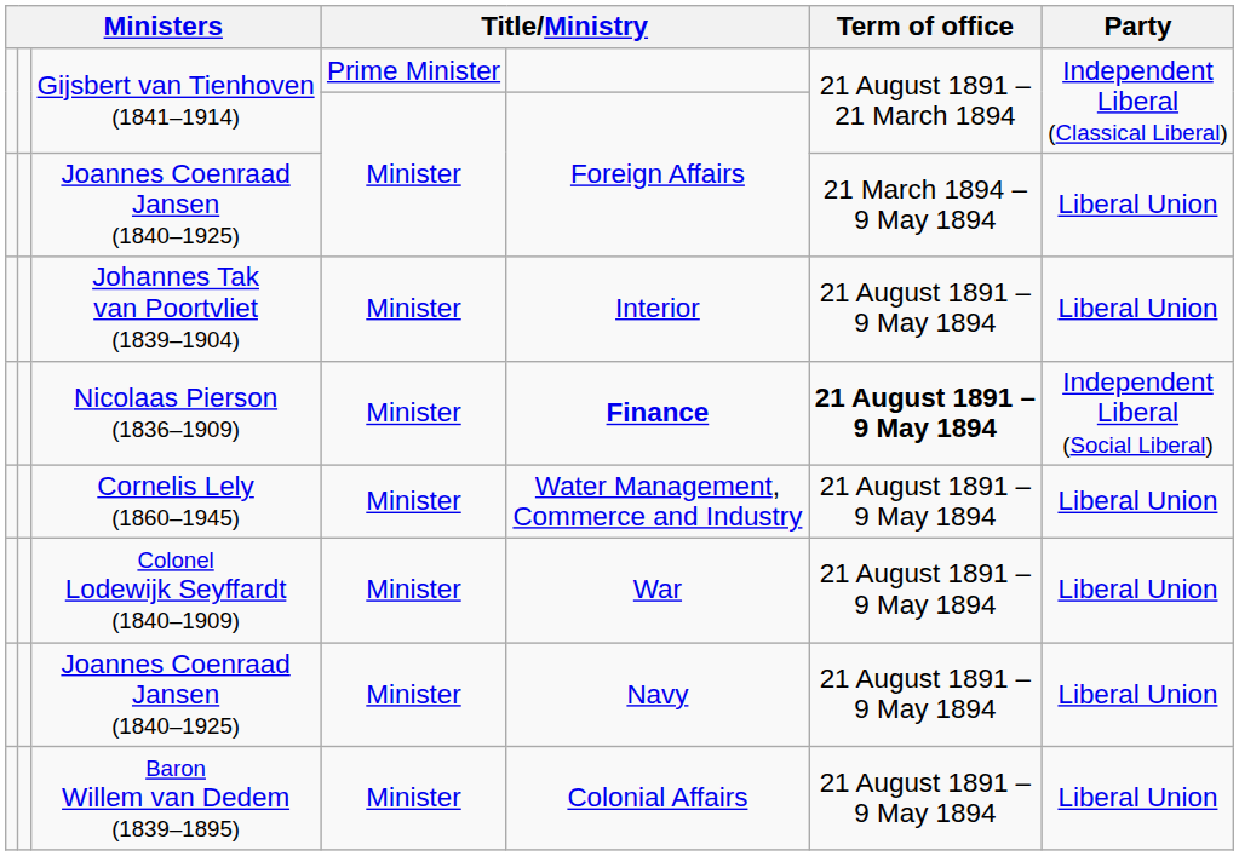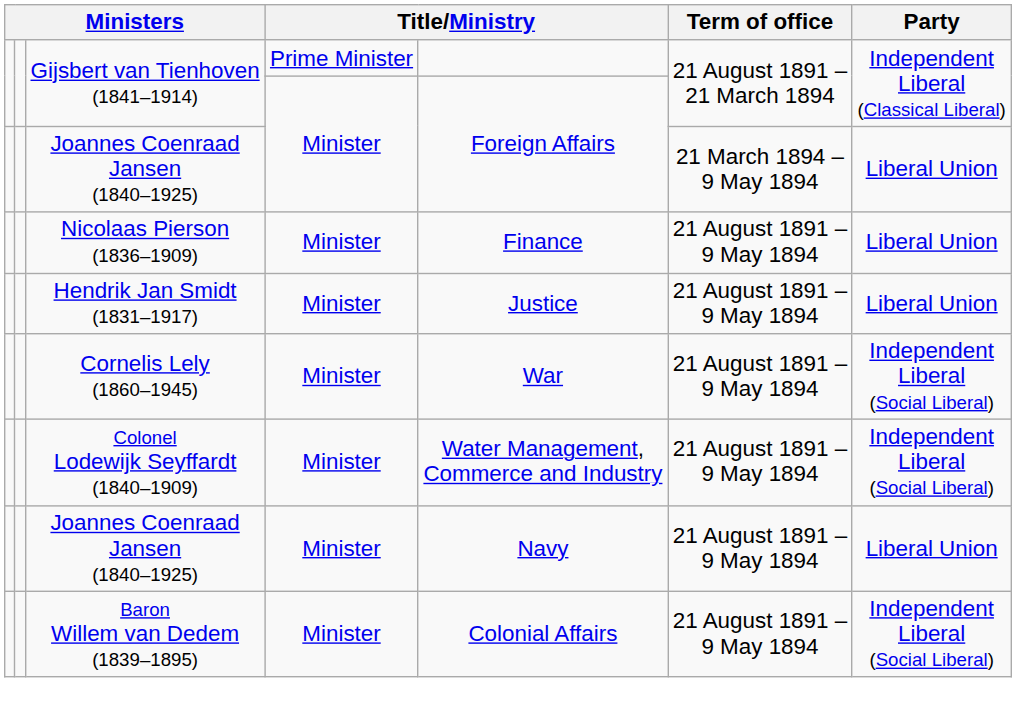 <table class="wikitable" style="text-align:center">
 <tr>
 <th colspan=3><a href='#'>Ministers</a></th>
 <th colspan=2>Title/<a href='#'>Ministry</a></th>
 <th>Term of office</th>
 <th>Party</th>
 </tr>
 <tr>
 <td rowspan=2 style="background:"></td>
 <td rowspan=2></td>
 <td rowspan=2><a href='#'>Gijsbert van Tienhoven</a> <br> <small>(1841–1914)</small></td>
 <td><a href='#'>Prime Minister</a></td>
 <td></td>
 <td rowspan=2>21 August 1891 – <br> 21 March 1894 <br> </td>
 <td rowspan=2><a href='#'>Independent <br> Liberal</a> <br> <small>(<a href='#'>Classical Liberal</a>)</small></td>
 </tr>
 <tr>
 <td rowspan=2><a href='#'>Minister</a></td>
 <td rowspan=2><a href='#'>Foreign Affairs</a></td>
 </tr>
 <tr>
 <td style="background:"></td>
 <td></td>
 <td><a href='#'>Joannes Coenraad <br> Jansen</a> <br> <small>(1840–1925)</small></td>
 <td>21 March 1894 – <br> 9 May 1894 <br> </td>
 <td><a href='#'>Liberal Union</a></td>
 </tr>
 <tr>
 <td style="background:"></td>
 <td></td>
-<td><a href='#'>Johannes Tak <br> van Poortvliet</a> <br> <small>(1839–1904)</small></td>
+<td><a href='#'>Nicolaas Pierson</a> <br> <small>(1836–1909)</small></td>
 <td><a href='#'>Minister</a></td>
-<td><a href='#'>Interior</a></td>
+<td><a href='#'>Finance</a></td>
 <td>21 August 1891 – <br> 9 May 1894</td>
 <td><a href='#'>Liberal Union</a></td>
 </tr>
 <tr>
 <td style="background:"></td>
 <td></td>
-<td><a href='#'>Nicolaas Pierson</a> <br> <small>(1836–1909)</small></td>
+<td><a href='#'>Hendrik Jan Smidt</a> <br> <small>(1831–1917)</small></td>
 <td><a href='#'>Minister</a></td>
-<td><strong><a href='#'>Finance</a></strong></td>
-<td><strong>21 August 1891 – <br> 9 May 1894</strong></td>
-<td><a href='#'>Independent <br> Liberal</a> <br> <small>(<a href='#'>Social Liberal</a>)</small></td>
+<td><a href='#'>Justice</a></td>
+<td>21 August 1891 – <br> 9 May 1894</td>
+<td><a href='#'>Liberal Union</a></td>
 </tr>
 <tr>
 <td style="background:"></td>
 <td></td>
 <td><a href='#'>Cornelis Lely</a> <br> <small>(1860–1945)</small></td>
 <td><a href='#'>Minister</a></td>
-<td><a href='#'>Water Management</a>, <br> <a href='#'>Commerce and Industry</a></td>
+<td><a href='#'>War</a></td>
 <td>21 August 1891 – <br> 9 May 1894</td>
-<td><a href='#'>Liberal Union</a></td>
+<td><a href='#'>Independent <br> Liberal</a> <br> <small>(<a href='#'>Social Liberal</a>)</small></td>
 </tr>
 <tr>
 <td style="background:"></td>
 <td></td>
 <td><small><a href='#'>Colonel</a></small> <br> <a href='#'>Lodewijk Seyffardt</a> <br> <small>(1840–1909)</small></td>
 <td><a href='#'>Minister</a></td>
-<td><a href='#'>War</a></td>
+<td><a href='#'>Water Management</a>, <br> <a href='#'>Commerce and Industry</a></td>
 <td>21 August 1891 – <br> 9 May 1894</td>
-<td><a href='#'>Liberal Union</a></td>
+<td><a href='#'>Independent <br> Liberal</a> <br> <small>(<a href='#'>Social Liberal</a>)</small></td>
 </tr>
 <tr>
 <td style="background:"></td>
 <td></td>
 <td><a href='#'>Joannes Coenraad <br> Jansen</a> <br> <small>(1840–1925)</small></td>
 <td><a href='#'>Minister</a></td>
 <td><a href='#'>Navy</a></td>
 <td>21 August 1891 – <br> 9 May 1894</td>
 <td><a href='#'>Liberal Union</a></td>
 </tr>
 <tr>
 <td style="background:"></td>
 <td></td>
 <td><small><a href='#'>Baron</a></small> <br> <a href='#'>Willem van Dedem</a> <br> <small>(1839–1895)</small></td>
 <td><a href='#'>Minister</a></td>
 <td><a href='#'>Colonial Affairs</a></td>
 <td>21 August 1891 – <br> 9 May 1894</td>
-<td><a href='#'>Liberal Union</a></td>
+<td><a href='#'>Independent <br> Liberal</a> <br> <small>(<a href='#'>Social Liberal</a>)</small></td>
 </tr>
 </table>
